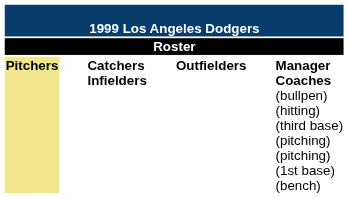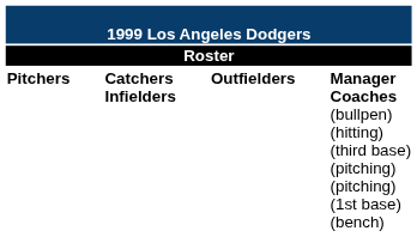 <table class="toccolours" style="font-size: 95%;">
 <tr>
 <th colspan="10" style="background-color: #083c6b; color: #FFFFFF; text-align: center;"><br>1999 Los Angeles Dodgers</th>
 </tr>
 <tr>
 <td colspan="10" style="background-color: black; color: #FFFFFF; text-align: center;"><strong>Roster</strong></td>
 </tr>
 <tr>
-<td valign="top" style="background: khaki;"><strong>Pitchers</strong><br>                                  </td>
+<td valign="top"><strong>Pitchers</strong><br>                                  </td>
 <td width="25px"></td>
 <td valign="top"><strong>Catchers</strong><br>    <strong>Infielders</strong>           </td>
 <td width="25px"></td>
 <td valign="top"><strong>Outfielders</strong><br>      </td>
 <td width="25px"></td>
 <td valign="top"><strong>Manager</strong><br>  <strong>Coaches</strong>  <br>(bullpen)  <br>(hitting)  <br> (third base) <br> (pitching)   <br> (pitching)  <br>(1st base)  <br>(bench)</td>
 </tr>
 </table>
